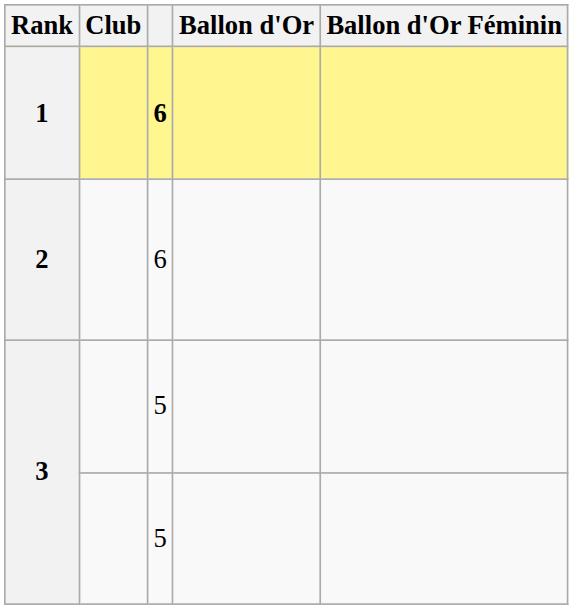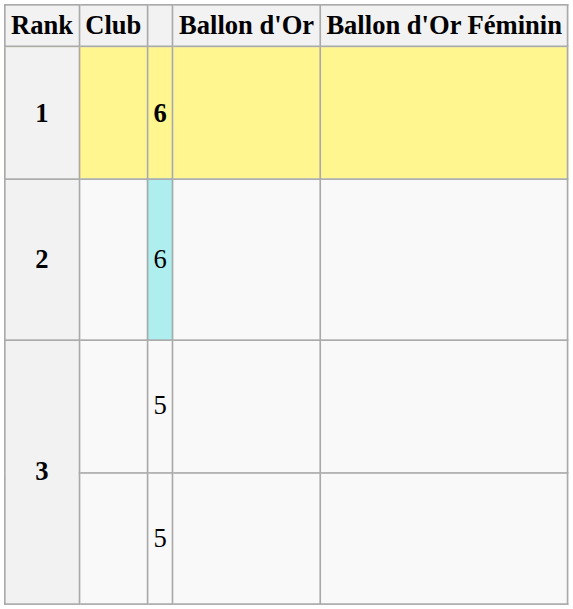 <table class="wikitable sortable">
 <tr>
 <th scope="col">Rank</th>
 <th scope="col">Club</th>
 <th scope="col"></th>
 <th scope="col" class="unsortable">Ballon d'Or</th>
 <th scope="col" class="unsortable">Ballon d'Or Féminin</th>
 </tr>
 <tr style="background-color:#FFF68F">
 <th scope="row">1</th>
 <td></td>
 <td align="center"><strong>6</strong></td>
 <td><br><br><br><br></td>
 <td></td>
 </tr>
 <tr>
 <th scope="row">2</th>
 <td></td>
-<td align="center">6</td>
+<td align="center" style="background: paleturquoise;">6</td>
 <td><br><br><br><br><br></td>
 <td></td>
 </tr>
 <tr>
 <th rowspan="2" scope="rowgroup">3</th>
 <td></td>
 <td align="center">5</td>
 <td><br><br><br><br></td>
 <td></td>
 </tr>
 <tr>
 <td></td>
 <td align="center">5</td>
 <td></td>
 <td><br><br><br><br></td>
 </tr>
 </table>
